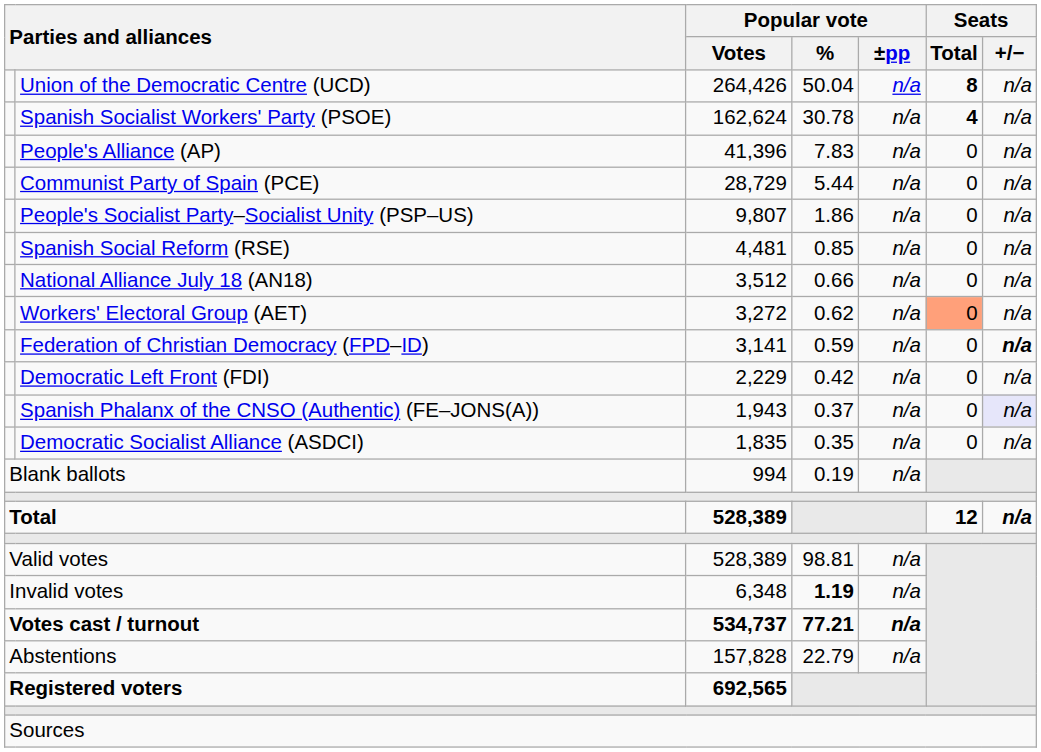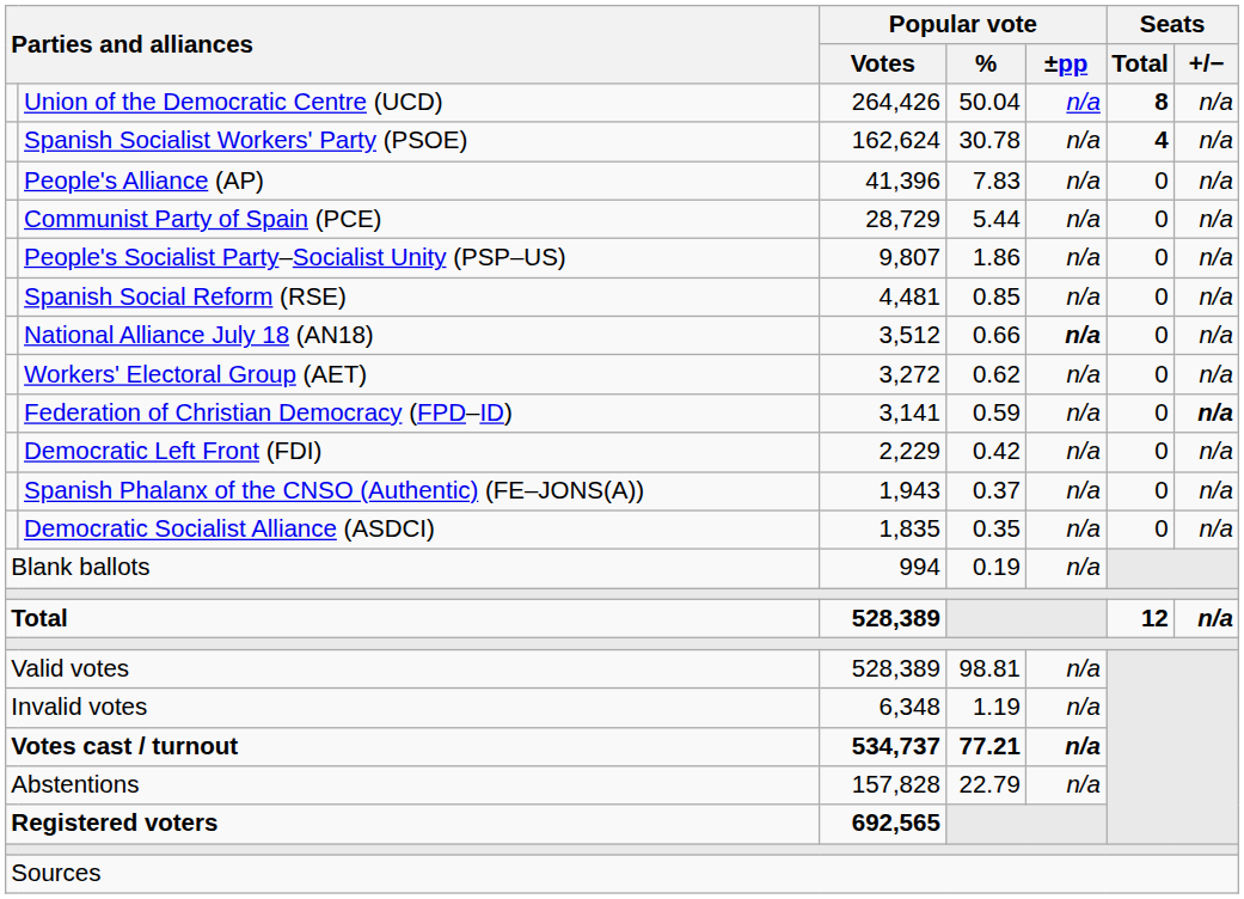 <table class="wikitable" style="text-align:right;">
 <tr>
 <th style="text-align:left;" rowspan="2" colspan="2" width="525">Parties and alliances</th>
 <th colspan="3">Popular vote</th>
 <th colspan="2">Seats</th>
 </tr>
 <tr>
 <th width="75">Votes</th>
 <th width="45">%</th>
 <th width="45">±<a href='#'>pp</a></th>
 <th width="35">Total</th>
 <th width="35">+/−</th>
 </tr>
 <tr>
 <td width="1" style="color:inherit;background:"></td>
 <td align="left"><a href='#'>Union of the Democratic Centre</a> (UCD)</td>
 <td>264,426</td>
 <td>50.04</td>
 <td><em><a href='#'>n/a</a></em></td>
 <td><strong>8</strong></td>
 <td><em>n/a</em></td>
 </tr>
 <tr>
 <td style="color:inherit;background:"></td>
 <td align="left"><a href='#'>Spanish Socialist Workers' Party</a> (PSOE)</td>
 <td>162,624</td>
 <td>30.78</td>
 <td><em>n/a</em></td>
 <td><strong>4</strong></td>
 <td><em>n/a</em></td>
 </tr>
 <tr>
 <td style="color:inherit;background:"></td>
 <td align="left"><a href='#'>People's Alliance</a> (AP)</td>
 <td>41,396</td>
 <td>7.83</td>
 <td><em>n/a</em></td>
 <td>0</td>
 <td><em>n/a</em></td>
 </tr>
 <tr>
 <td style="color:inherit;background:"></td>
 <td align="left"><a href='#'>Communist Party of Spain</a> (PCE)</td>
 <td>28,729</td>
 <td>5.44</td>
 <td><em>n/a</em></td>
 <td>0</td>
 <td><em>n/a</em></td>
 </tr>
 <tr>
 <td style="color:inherit;background:"></td>
 <td align="left"><a href='#'>People's Socialist Party</a>–<a href='#'>Socialist Unity</a> (PSP–US)</td>
 <td>9,807</td>
 <td>1.86</td>
 <td><em>n/a</em></td>
 <td>0</td>
 <td><em>n/a</em></td>
 </tr>
 <tr>
 <td style="color:inherit;background:"></td>
 <td align="left"><a href='#'>Spanish Social Reform</a> (RSE)</td>
 <td>4,481</td>
 <td>0.85</td>
 <td><em>n/a</em></td>
 <td>0</td>
 <td><em>n/a</em></td>
 </tr>
 <tr>
 <td style="color:inherit;background:"></td>
 <td align="left"><a href='#'>National Alliance July 18</a> (AN18)</td>
 <td>3,512</td>
 <td>0.66</td>
-<td><em>n/a</em></td>
+<td><strong><em>n/a</em></strong></td>
 <td>0</td>
 <td><em>n/a</em></td>
 </tr>
 <tr>
 <td style="color:inherit;background:"></td>
 <td align="left"><a href='#'>Workers' Electoral Group</a> (AET)</td>
 <td>3,272</td>
 <td>0.62</td>
 <td><em>n/a</em></td>
-<td style="background: lightsalmon;">0</td>
+<td>0</td>
 <td><em>n/a</em></td>
 </tr>
 <tr>
 <td style="color:inherit;background:"></td>
 <td align="left"><a href='#'>Federation of Christian Democracy</a> (<a href='#'>FPD</a>–<a href='#'>ID</a>)</td>
 <td>3,141</td>
 <td>0.59</td>
 <td><em>n/a</em></td>
 <td>0</td>
 <td><strong><em>n/a</em></strong></td>
 </tr>
 <tr>
 <td style="color:inherit;background:"></td>
 <td align="left"><a href='#'>Democratic Left Front</a> (FDI)</td>
 <td>2,229</td>
 <td>0.42</td>
 <td><em>n/a</em></td>
 <td>0</td>
 <td><em>n/a</em></td>
 </tr>
 <tr>
 <td style="color:inherit;background:"></td>
 <td align="left"><a href='#'>Spanish Phalanx of the CNSO (Authentic)</a> (FE–JONS(A))</td>
 <td>1,943</td>
 <td>0.37</td>
 <td><em>n/a</em></td>
 <td>0</td>
-<td style="background: lavender;"><em>n/a</em></td>
+<td><em>n/a</em></td>
 </tr>
 <tr>
 <td style="color:inherit;background:"></td>
 <td align="left"><a href='#'>Democratic Socialist Alliance</a> (ASDCI)</td>
 <td>1,835</td>
 <td>0.35</td>
 <td><em>n/a</em></td>
 <td>0</td>
 <td><em>n/a</em></td>
 </tr>
 <tr>
 <td align="left" colspan="2">Blank ballots</td>
 <td>994</td>
 <td>0.19</td>
 <td><em>n/a</em></td>
 <td bgcolor="#E9E9E9" colspan="2"></td>
 </tr>
 <tr>
 <td colspan="7" bgcolor="#E9E9E9"></td>
 </tr>
 <tr style="font-weight:bold;">
 <td align="left" colspan="2">Total</td>
 <td>528,389</td>
 <td bgcolor="#E9E9E9" colspan="2"></td>
 <td>12</td>
 <td><em>n/a</em></td>
 </tr>
 <tr>
 <td colspan="7" bgcolor="#E9E9E9"></td>
 </tr>
 <tr>
 <td align="left" colspan="2">Valid votes</td>
 <td>528,389</td>
 <td>98.81</td>
 <td><em>n/a</em></td>
 <td bgcolor="#E9E9E9" colspan="2" rowspan="5"></td>
 </tr>
 <tr>
 <td align="left" colspan="2">Invalid votes</td>
 <td>6,348</td>
-<td><strong>1.19</strong></td>
+<td>1.19</td>
 <td><em>n/a</em></td>
 </tr>
 <tr style="font-weight:bold;">
 <td align="left" colspan="2">Votes cast / turnout</td>
 <td>534,737</td>
 <td>77.21</td>
 <td><em>n/a</em></td>
 </tr>
 <tr>
 <td align="left" colspan="2">Abstentions</td>
 <td>157,828</td>
 <td>22.79</td>
 <td><em>n/a</em></td>
 </tr>
 <tr style="font-weight:bold;">
 <td align="left" colspan="2">Registered voters</td>
 <td>692,565</td>
 <td bgcolor="#E9E9E9" colspan="2"></td>
 </tr>
 <tr>
 <td colspan="7" bgcolor="#E9E9E9"></td>
 </tr>
 <tr>
 <td align="left" colspan="7">Sources</td>
 </tr>
 </table>
